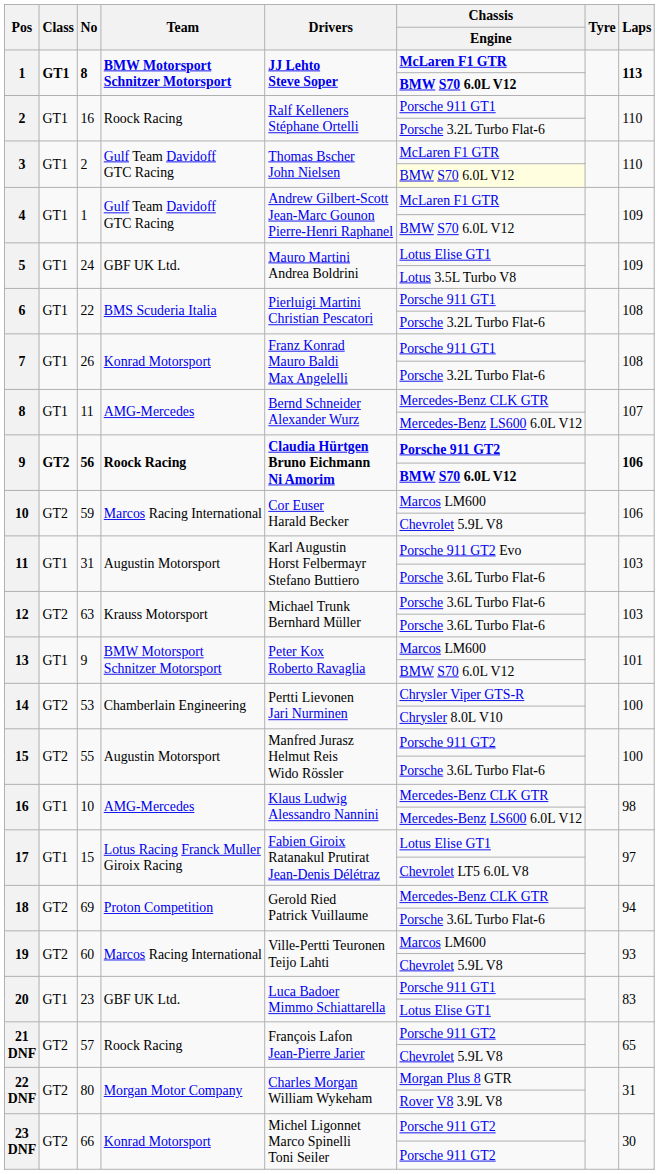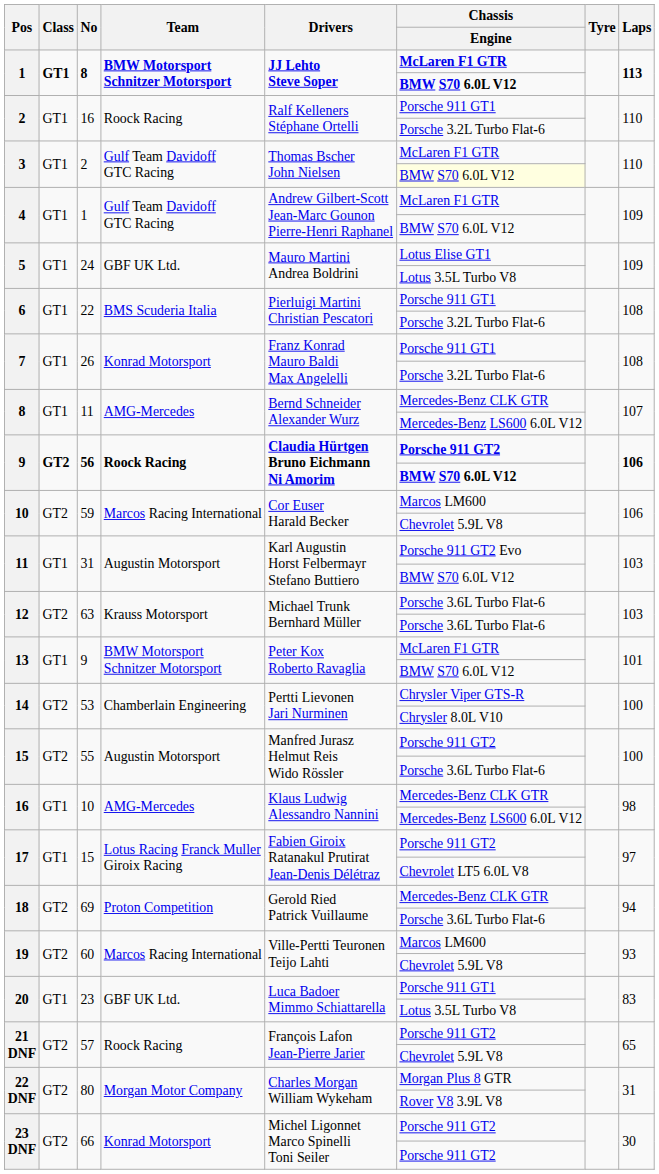 <table class="wikitable" style="font-size: 95%;">
 <tr>
 <th rowspan=2>Pos</th>
 <th rowspan=2>Class</th>
 <th rowspan=2>No</th>
 <th rowspan=2>Team</th>
 <th rowspan=2>Drivers</th>
 <th>Chassis</th>
 <th rowspan=2>Tyre</th>
 <th rowspan=2>Laps</th>
 </tr>
 <tr>
 <th>Engine</th>
 </tr>
 <tr style="font-weight:bold">
 <th rowspan=2>1</th>
 <td rowspan=2>GT1</td>
 <td rowspan=2>8</td>
 <td rowspan=2> <a href='#'>BMW Motorsport</a><br> <a href='#'>Schnitzer Motorsport</a></td>
 <td rowspan=2> <a href='#'>JJ Lehto</a><br> <a href='#'>Steve Soper</a></td>
 <td><a href='#'>McLaren F1 GTR</a></td>
 <td rowspan=2></td>
 <td rowspan=2>113</td>
 </tr>
 <tr style="font-weight:bold">
 <td><a href='#'>BMW</a> <a href='#'>S70</a> 6.0L V12</td>
 </tr>
 <tr>
 <th rowspan=2>2</th>
 <td rowspan=2>GT1</td>
 <td rowspan=2>16</td>
 <td rowspan=2> Roock Racing</td>
 <td rowspan=2> <a href='#'>Ralf Kelleners</a><br> <a href='#'>Stéphane Ortelli</a></td>
 <td><a href='#'>Porsche 911 GT1</a></td>
 <td rowspan=2></td>
 <td rowspan=2>110</td>
 </tr>
 <tr>
 <td><a href='#'>Porsche</a> 3.2L Turbo Flat-6</td>
 </tr>
 <tr>
 <th rowspan=2>3</th>
 <td rowspan=2>GT1</td>
 <td rowspan=2>2</td>
 <td rowspan=2> <a href='#'>Gulf</a> Team <a href='#'>Davidoff</a><br> GTC Racing</td>
 <td rowspan=2> <a href='#'>Thomas Bscher</a><br> <a href='#'>John Nielsen</a></td>
 <td><a href='#'>McLaren F1 GTR</a></td>
 <td rowspan=2></td>
 <td rowspan=2>110</td>
 </tr>
 <tr>
 <td style="background: lightyellow;"><a href='#'>BMW</a> <a href='#'>S70</a> 6.0L V12</td>
 </tr>
 <tr>
 <th rowspan=2>4</th>
 <td rowspan=2>GT1</td>
 <td rowspan=2>1</td>
 <td rowspan=2> <a href='#'>Gulf</a> Team <a href='#'>Davidoff</a><br> GTC Racing</td>
 <td rowspan=2> <a href='#'>Andrew Gilbert-Scott</a><br> <a href='#'>Jean-Marc Gounon</a><br> <a href='#'>Pierre-Henri Raphanel</a></td>
 <td><a href='#'>McLaren F1 GTR</a></td>
 <td rowspan=2></td>
 <td rowspan=2>109</td>
 </tr>
 <tr>
 <td><a href='#'>BMW</a> <a href='#'>S70</a> 6.0L V12</td>
 </tr>
 <tr>
 <th rowspan=2>5</th>
 <td rowspan=2>GT1</td>
 <td rowspan=2>24</td>
 <td rowspan=2> GBF UK Ltd.</td>
 <td rowspan=2> <a href='#'>Mauro Martini</a><br> Andrea Boldrini</td>
 <td><a href='#'>Lotus Elise GT1</a></td>
 <td rowspan=2></td>
 <td rowspan=2>109</td>
 </tr>
 <tr>
 <td><a href='#'>Lotus</a> 3.5L Turbo V8</td>
 </tr>
 <tr>
 <th rowspan=2>6</th>
 <td rowspan=2>GT1</td>
 <td rowspan=2>22</td>
 <td rowspan=2> <a href='#'>BMS Scuderia Italia</a></td>
 <td rowspan=2> <a href='#'>Pierluigi Martini</a><br> <a href='#'>Christian Pescatori</a></td>
 <td><a href='#'>Porsche 911 GT1</a></td>
 <td rowspan=2></td>
 <td rowspan=2>108</td>
 </tr>
 <tr>
 <td><a href='#'>Porsche</a> 3.2L Turbo Flat-6</td>
 </tr>
 <tr>
 <th rowspan=2>7</th>
 <td rowspan=2>GT1</td>
 <td rowspan=2>26</td>
 <td rowspan=2> <a href='#'>Konrad Motorsport</a></td>
 <td rowspan=2> <a href='#'>Franz Konrad</a><br> <a href='#'>Mauro Baldi</a><br> <a href='#'>Max Angelelli</a></td>
 <td><a href='#'>Porsche 911 GT1</a></td>
 <td rowspan=2></td>
 <td rowspan=2>108</td>
 </tr>
 <tr>
 <td><a href='#'>Porsche</a> 3.2L Turbo Flat-6</td>
 </tr>
 <tr>
 <th rowspan=2>8</th>
 <td rowspan=2>GT1</td>
 <td rowspan=2>11</td>
 <td rowspan=2> <a href='#'>AMG-Mercedes</a></td>
 <td rowspan=2> <a href='#'>Bernd Schneider</a><br> <a href='#'>Alexander Wurz</a></td>
 <td><a href='#'>Mercedes-Benz CLK GTR</a></td>
 <td rowspan=2></td>
 <td rowspan=2>107</td>
 </tr>
 <tr>
 <td><a href='#'>Mercedes-Benz</a> <a href='#'>LS600</a> 6.0L V12</td>
 </tr>
 <tr style="font-weight:bold">
 <th rowspan=2>9</th>
 <td rowspan=2>GT2</td>
 <td rowspan=2>56</td>
 <td rowspan=2> Roock Racing</td>
 <td rowspan=2> <a href='#'>Claudia Hürtgen</a><br> Bruno Eichmann<br> <a href='#'>Ni Amorim</a></td>
 <td><a href='#'>Porsche 911 GT2</a></td>
 <td rowspan=2></td>
 <td rowspan=2>106</td>
 </tr>
 <tr style="font-weight:bold">
 <td><a href='#'>BMW</a> <a href='#'>S70</a> 6.0L V12</td>
 </tr>
 <tr>
 <th rowspan=2>10</th>
 <td rowspan=2>GT2</td>
 <td rowspan=2>59</td>
 <td rowspan=2> <a href='#'>Marcos</a> Racing International</td>
 <td rowspan=2> <a href='#'>Cor Euser</a><br> Harald Becker</td>
 <td><a href='#'>Marcos</a> LM600</td>
 <td rowspan=2></td>
 <td rowspan=2>106</td>
 </tr>
 <tr>
 <td><a href='#'>Chevrolet</a> 5.9L V8</td>
 </tr>
 <tr>
 <th rowspan=2>11</th>
 <td rowspan=2>GT1</td>
 <td rowspan=2>31</td>
 <td rowspan=2> Augustin Motorsport</td>
 <td rowspan=2> Karl Augustin<br> Horst Felbermayr<br> Stefano Buttiero</td>
 <td><a href='#'>Porsche 911 GT2</a> Evo</td>
 <td rowspan=2></td>
 <td rowspan=2>103</td>
 </tr>
 <tr>
-<td><a href='#'>Porsche</a> 3.6L Turbo Flat-6</td>
+<td><a href='#'>BMW</a> <a href='#'>S70</a> 6.0L V12</td>
 </tr>
 <tr>
 <th rowspan=2>12</th>
 <td rowspan=2>GT2</td>
 <td rowspan=2>63</td>
 <td rowspan=2> Krauss Motorsport</td>
 <td rowspan=2> Michael Trunk<br> Bernhard Müller</td>
 <td><a href='#'>Porsche</a> 3.6L Turbo Flat-6</td>
 <td rowspan=2></td>
 <td rowspan=2>103</td>
 </tr>
 <tr>
 <td><a href='#'>Porsche</a> 3.6L Turbo Flat-6</td>
 </tr>
 <tr>
 <th rowspan=2>13</th>
 <td rowspan=2>GT1</td>
 <td rowspan=2>9</td>
 <td rowspan=2> <a href='#'>BMW Motorsport</a><br> <a href='#'>Schnitzer Motorsport</a></td>
 <td rowspan=2> <a href='#'>Peter Kox</a><br> <a href='#'>Roberto Ravaglia</a></td>
-<td><a href='#'>Marcos</a> LM600</td>
+<td><a href='#'>McLaren F1 GTR</a></td>
 <td rowspan=2></td>
 <td rowspan=2>101</td>
 </tr>
 <tr>
 <td><a href='#'>BMW</a> <a href='#'>S70</a> 6.0L V12</td>
 </tr>
 <tr>
 <th rowspan=2>14</th>
 <td rowspan=2>GT2</td>
 <td rowspan=2>53</td>
 <td rowspan=2> Chamberlain Engineering</td>
 <td rowspan=2> Pertti Lievonen<br> <a href='#'>Jari Nurminen</a></td>
 <td><a href='#'>Chrysler Viper GTS-R</a></td>
 <td rowspan=2></td>
 <td rowspan=2>100</td>
 </tr>
 <tr>
 <td><a href='#'>Chrysler</a> 8.0L V10</td>
 </tr>
 <tr>
 <th rowspan=2>15</th>
 <td rowspan=2>GT2</td>
 <td rowspan=2>55</td>
 <td rowspan=2> Augustin Motorsport</td>
 <td rowspan=2> Manfred Jurasz<br> Helmut Reis<br> Wido Rössler</td>
 <td><a href='#'>Porsche 911 GT2</a></td>
 <td rowspan=2></td>
 <td rowspan=2>100</td>
 </tr>
 <tr>
 <td><a href='#'>Porsche</a> 3.6L Turbo Flat-6</td>
 </tr>
 <tr>
 <th rowspan=2>16</th>
 <td rowspan=2>GT1</td>
 <td rowspan=2>10</td>
 <td rowspan=2> <a href='#'>AMG-Mercedes</a></td>
 <td rowspan=2> <a href='#'>Klaus Ludwig</a><br> <a href='#'>Alessandro Nannini</a></td>
 <td><a href='#'>Mercedes-Benz CLK GTR</a></td>
 <td rowspan=2></td>
 <td rowspan=2>98</td>
 </tr>
 <tr>
 <td><a href='#'>Mercedes-Benz</a> <a href='#'>LS600</a> 6.0L V12</td>
 </tr>
 <tr>
 <th rowspan=2>17</th>
 <td rowspan=2>GT1</td>
 <td rowspan=2>15</td>
 <td rowspan=2> <a href='#'>Lotus Racing</a> <a href='#'>Franck Muller</a><br> Giroix Racing</td>
 <td rowspan=2> <a href='#'>Fabien Giroix</a><br> Ratanakul Prutirat<br> <a href='#'>Jean-Denis Délétraz</a></td>
-<td><a href='#'>Lotus Elise GT1</a></td>
+<td><a href='#'>Porsche 911 GT2</a></td>
 <td rowspan=2></td>
 <td rowspan=2>97</td>
 </tr>
 <tr>
 <td><a href='#'>Chevrolet</a> LT5 6.0L V8</td>
 </tr>
 <tr>
 <th rowspan=2>18</th>
 <td rowspan=2>GT2</td>
 <td rowspan=2>69</td>
 <td rowspan=2> <a href='#'>Proton Competition</a></td>
 <td rowspan=2> Gerold Ried<br> Patrick Vuillaume</td>
 <td><a href='#'>Mercedes-Benz CLK GTR</a></td>
 <td rowspan=2></td>
 <td rowspan=2>94</td>
 </tr>
 <tr>
 <td><a href='#'>Porsche</a> 3.6L Turbo Flat-6</td>
 </tr>
 <tr>
 <th rowspan=2>19</th>
 <td rowspan=2>GT2</td>
 <td rowspan=2>60</td>
 <td rowspan=2> <a href='#'>Marcos</a> Racing International</td>
 <td rowspan=2> Ville-Pertti Teuronen<br> Teijo Lahti</td>
 <td><a href='#'>Marcos</a> LM600</td>
 <td rowspan=2></td>
 <td rowspan=2>93</td>
 </tr>
 <tr>
 <td><a href='#'>Chevrolet</a> 5.9L V8</td>
 </tr>
 <tr>
 <th rowspan=2>20</th>
 <td rowspan=2>GT1</td>
 <td rowspan=2>23</td>
 <td rowspan=2> GBF UK Ltd.</td>
 <td rowspan=2> <a href='#'>Luca Badoer</a><br> <a href='#'>Mimmo Schiattarella</a></td>
 <td><a href='#'>Porsche 911 GT1</a></td>
 <td rowspan=2></td>
 <td rowspan=2>83</td>
 </tr>
 <tr>
-<td><a href='#'>Lotus Elise GT1</a></td>
+<td><a href='#'>Lotus</a> 3.5L Turbo V8</td>
 </tr>
 <tr>
 <th rowspan=2>21<br>DNF</th>
 <td rowspan=2>GT2</td>
 <td rowspan=2>57</td>
 <td rowspan=2> Roock Racing</td>
 <td rowspan=2> François Lafon<br> <a href='#'>Jean-Pierre Jarier</a></td>
 <td><a href='#'>Porsche 911 GT2</a></td>
 <td rowspan=2></td>
 <td rowspan=2>65</td>
 </tr>
 <tr>
 <td><a href='#'>Chevrolet</a> 5.9L V8</td>
 </tr>
 <tr>
 <th rowspan=2>22<br>DNF</th>
 <td rowspan=2>GT2</td>
 <td rowspan=2>80</td>
 <td rowspan=2> <a href='#'>Morgan Motor Company</a></td>
 <td rowspan=2> <a href='#'>Charles Morgan</a><br> William Wykeham</td>
 <td><a href='#'>Morgan Plus 8</a> GTR</td>
 <td rowspan=2></td>
 <td rowspan=2>31</td>
 </tr>
 <tr>
 <td><a href='#'>Rover</a> <a href='#'>V8</a> 3.9L V8</td>
 </tr>
 <tr>
 <th rowspan=2>23<br>DNF</th>
 <td rowspan=2>GT2</td>
 <td rowspan=2>66</td>
 <td rowspan=2> <a href='#'>Konrad Motorsport</a></td>
 <td rowspan=2> Michel Ligonnet<br> Marco Spinelli<br> Toni Seiler</td>
 <td><a href='#'>Porsche 911 GT2</a></td>
 <td rowspan=2></td>
 <td rowspan=2>30</td>
 </tr>
 <tr>
 <td><a href='#'>Porsche 911 GT2</a></td>
 </tr>
 </table>
